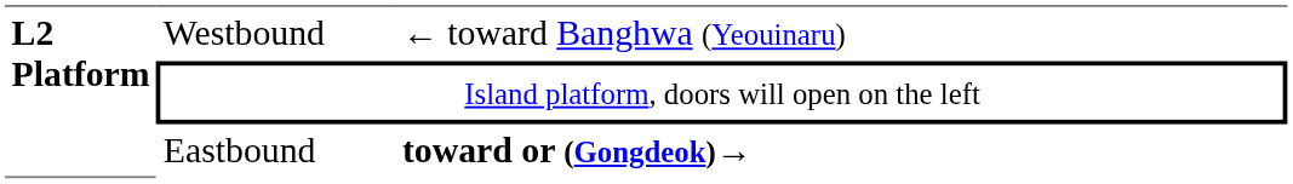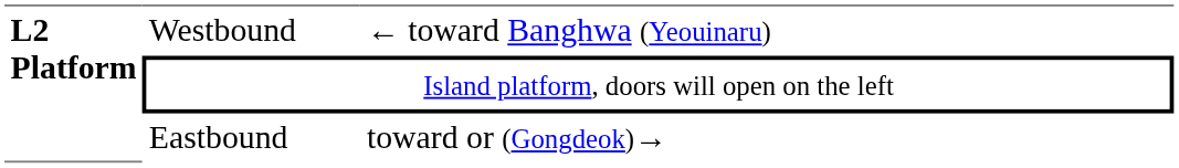 <table table border=0 cellspacing=0 cellpadding=3>
 <tr>
 <td style="border-top:solid 1px gray;border-bottom:solid 1px gray;" width=50 rowspan=10 valign=top><strong>L2<br>Platform</strong></td>
 <td style="border-bottom:solid 0px gray;border-top:solid 1px gray;" width=100>Westbound</td>
 <td style="border-bottom:solid 0px gray;border-top:solid 1px gray;" width=390>←  toward <a href='#'>Banghwa</a> <small>(<a href='#'>Yeouinaru</a>)</small></td>
 </tr>
 <tr>
 <td style="border-top:solid 2px black;border-right:solid 2px black;border-left:solid 2px black;border-bottom:solid 2px black;text-align:center;" colspan=2><small><a href='#'>Island platform</a>, doors will open on the left</small></td>
 </tr>
 <tr>
 <td>Eastbound</td>
-<td><strong>  toward  or  <small>(<a href='#'>Gongdeok</a>)</small>→</strong></td>
+<td>  toward  or  <small>(<a href='#'>Gongdeok</a>)</small>→</td>
 </tr>
 </table>
